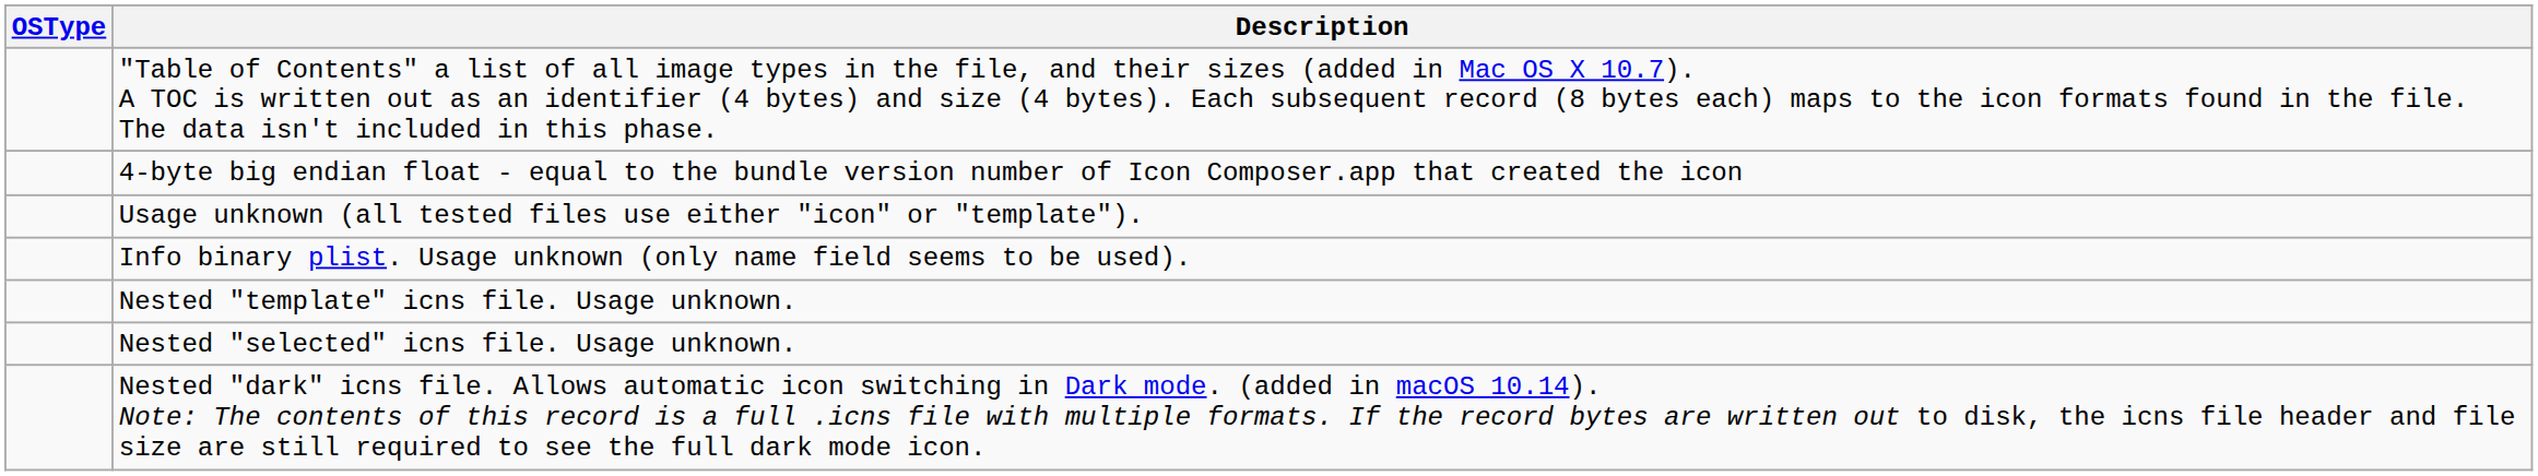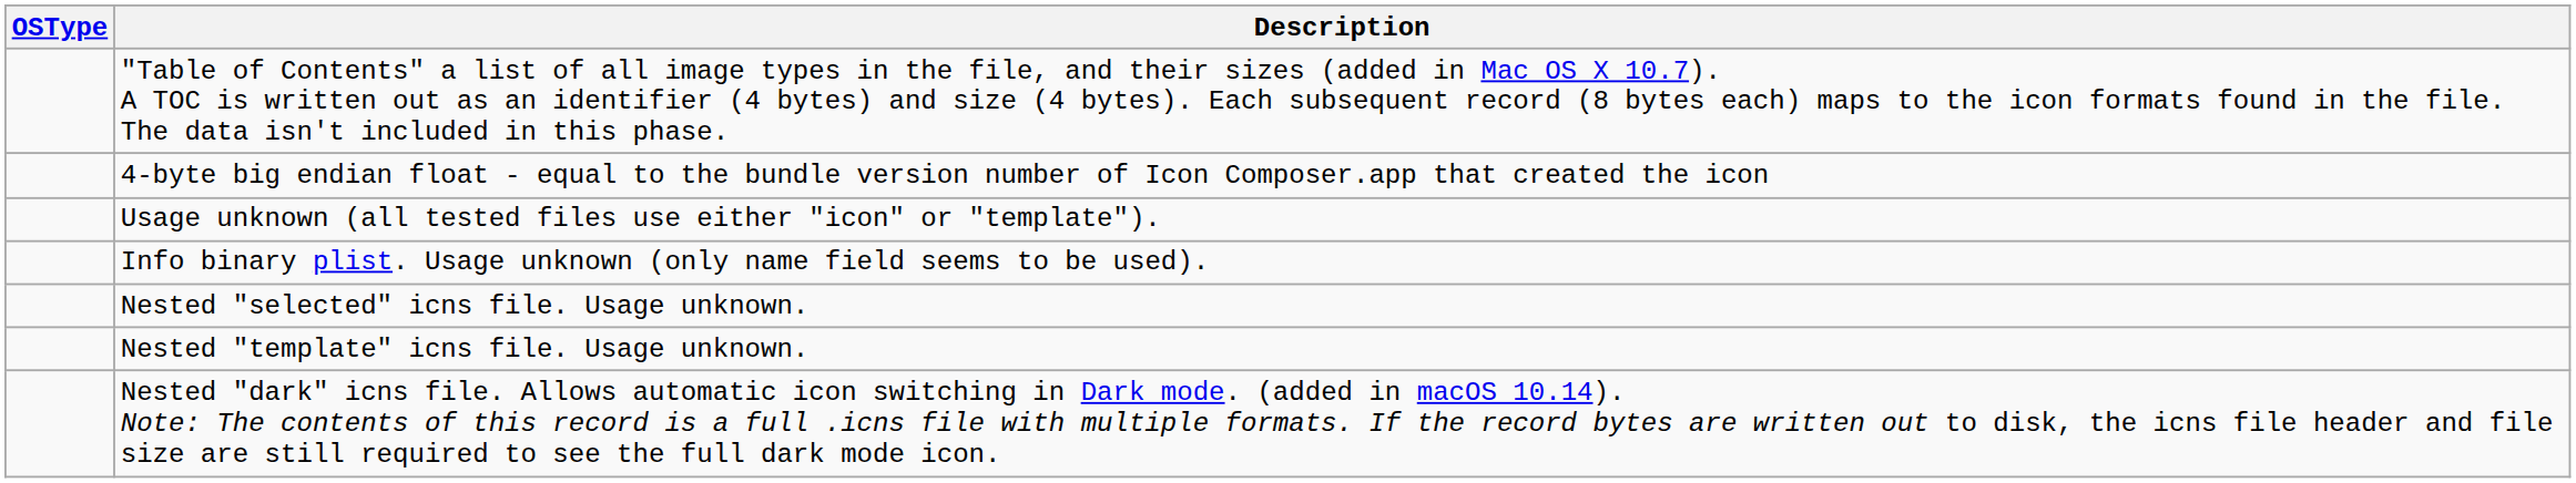 <table class="wikitable sortable">
 <tr>
 <th><a href='#'>OSType</a></th>
 <th class="unsortable">Description</th>
 </tr>
 <tr>
 <td></td>
 <td>"Table of Contents" a list of all image types in the file, and their sizes (added in <a href='#'>Mac OS X 10.7</a>).<br>A TOC is written out as an identifier (4 bytes) and size (4 bytes). Each subsequent record (8 bytes each) maps to the icon formats found in the file. The data isn't included in this phase.</td>
 </tr>
 <tr>
 <td></td>
 <td>4-byte big endian float - equal to the bundle version number of Icon Composer.app that created the icon</td>
 </tr>
 <tr>
 <td></td>
 <td>Usage unknown (all tested files use either "icon" or "template").</td>
 </tr>
 <tr>
 <td></td>
 <td>Info binary <a href='#'>plist</a>. Usage unknown (only name field seems to be used).</td>
 </tr>
 <tr>
 <td></td>
-<td>Nested "template" icns file. Usage unknown.</td>
+<td>Nested "selected" icns file. Usage unknown.</td>
 </tr>
 <tr>
 <td></td>
-<td>Nested "selected" icns file. Usage unknown.</td>
+<td>Nested "template" icns file. Usage unknown.</td>
 </tr>
 <tr>
 <td></td>
 <td>Nested "dark" icns file. Allows automatic icon switching in <a href='#'>Dark mode</a>. (added in <a href='#'>macOS 10.14</a>).<br><em>Note: The contents of this record is a full .icns file with multiple formats. If the record bytes are written out</em> to disk, the icns file header and file size are still required to see the full dark mode icon.</td>
 </tr>
 </table>
